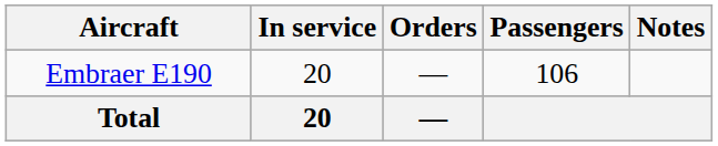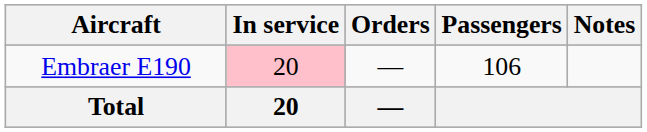 <table class="wikitable" style="text-align:center;margin:1em auto;">
 <tr>
 <th style="width:130px;">Aircraft</th>
 <th>In service</th>
 <th>Orders</th>
 <th>Passengers</th>
 <th>Notes</th>
 </tr>
 <tr>
 <td><a href='#'>Embraer E190</a></td>
-<td>20</td>
+<td style="background: pink;">20</td>
 <td>—</td>
 <td>106</td>
 <td></td>
 </tr>
 <tr>
 <th>Total</th>
 <th>20</th>
 <th>—</th>
 <th colspan="2"></th>
 </tr>
 </table>
